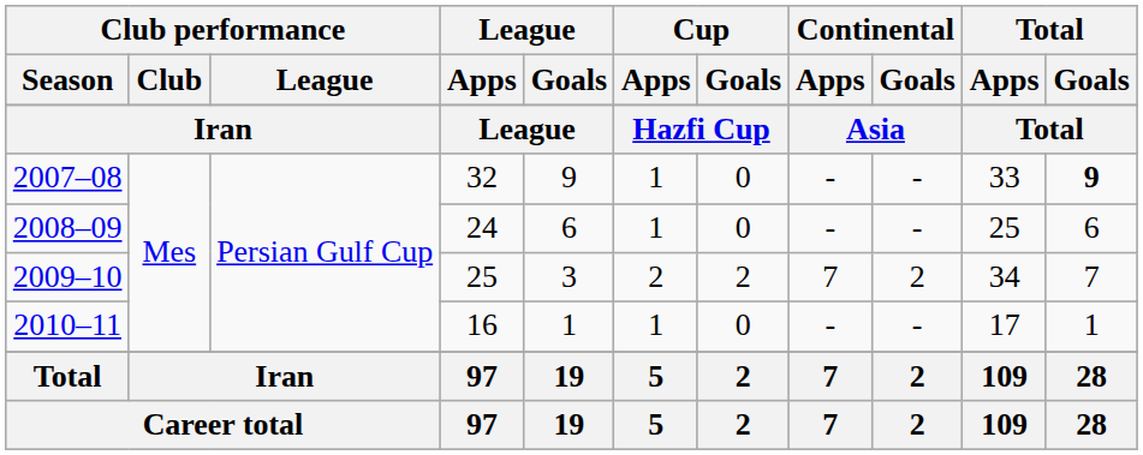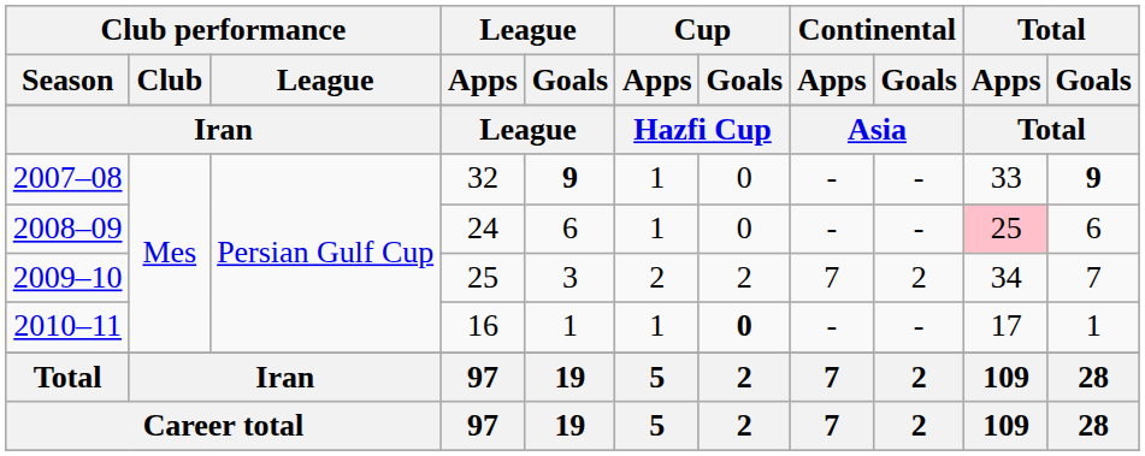 <table class="wikitable" style="text-align:center">
 <tr>
 <th colspan=3>Club performance</th>
 <th colspan=2>League</th>
 <th colspan=2>Cup</th>
 <th colspan=2>Continental</th>
 <th colspan=2>Total</th>
 </tr>
 <tr>
 <th>Season</th>
 <th>Club</th>
 <th>League</th>
 <th>Apps</th>
 <th>Goals</th>
 <th>Apps</th>
 <th>Goals</th>
 <th>Apps</th>
 <th>Goals</th>
 <th>Apps</th>
 <th>Goals</th>
 </tr>
 <tr>
 </tr>
 <tr>
 <th colspan=3>Iran</th>
 <th colspan=2>League</th>
 <th colspan=2><a href='#'>Hazfi Cup</a></th>
 <th colspan=2><a href='#'>Asia</a></th>
 <th colspan=2>Total</th>
 </tr>
 <tr>
 <td><a href='#'>2007–08</a></td>
 <td rowspan="4"><a href='#'>Mes</a></td>
 <td rowspan="4"><a href='#'>Persian Gulf Cup</a></td>
 <td>32</td>
-<td>9</td>
+<td><strong>9</strong></td>
 <td>1</td>
 <td>0</td>
 <td>-</td>
 <td>-</td>
 <td>33</td>
 <td><strong>9</strong></td>
 </tr>
 <tr>
 <td><a href='#'>2008–09</a></td>
 <td>24</td>
 <td>6</td>
 <td>1</td>
 <td>0</td>
 <td>-</td>
 <td>-</td>
-<td>25</td>
+<td style="background: pink;">25</td>
 <td>6</td>
 </tr>
 <tr>
 <td><a href='#'>2009–10</a></td>
 <td>25</td>
 <td>3</td>
 <td>2</td>
 <td>2</td>
 <td>7</td>
 <td>2</td>
 <td>34</td>
 <td>7</td>
 </tr>
 <tr>
 <td><a href='#'>2010–11</a></td>
 <td>16</td>
 <td>1</td>
 <td>1</td>
-<td>0</td>
+<td><strong>0</strong></td>
 <td>-</td>
 <td>-</td>
 <td>17</td>
 <td>1</td>
 </tr>
 <tr>
 </tr>
 <tr>
 <th rowspan=1>Total</th>
 <th colspan=2>Iran</th>
 <th>97</th>
 <th>19</th>
 <th>5</th>
 <th>2</th>
 <th>7</th>
 <th>2</th>
 <th>109</th>
 <th>28</th>
 </tr>
 <tr>
 <th colspan=3>Career total</th>
 <th>97</th>
 <th>19</th>
 <th>5</th>
 <th>2</th>
 <th>7</th>
 <th>2</th>
 <th>109</th>
 <th>28</th>
 </tr>
 </table>
